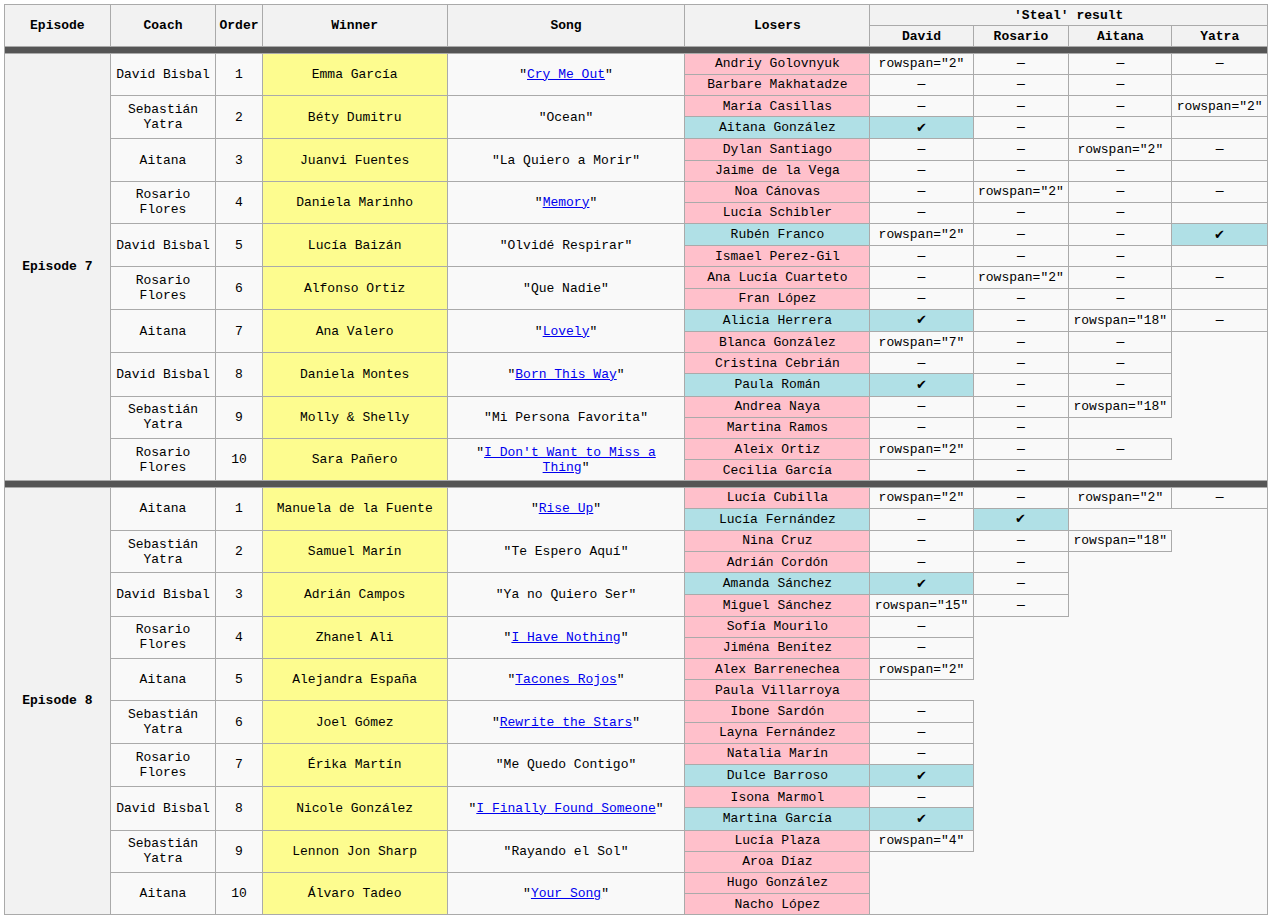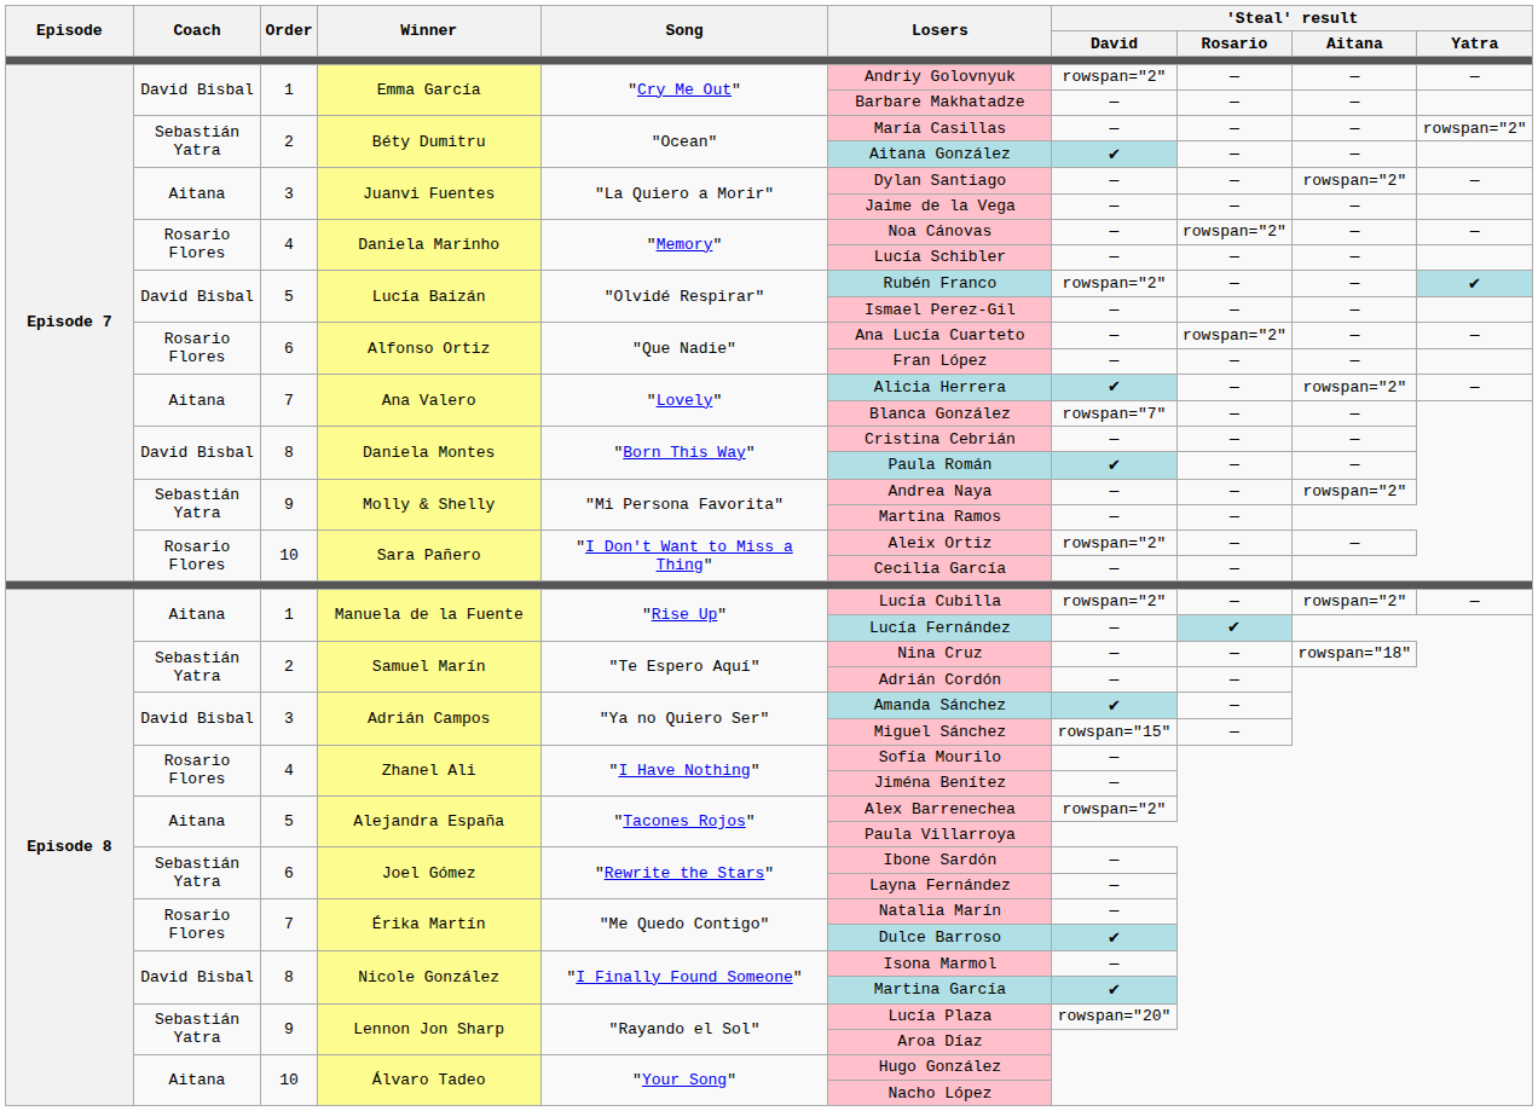 <table class="wikitable" style="text-align: center; width:100%">
 <tr>
 <th rowspan="2" style="width:08%">Episode</th>
 <th rowspan="2" style="width:08%">Coach</th>
 <th rowspan="2" style="width:02%">Order</th>
 <th rowspan="2" style="width:14%">Winner</th>
 <th rowspan="2" style="width:18%">Song</th>
 <th rowspan="2" style="width:14%">Losers</th>
 <th colspan="4" style="width:24%">'Steal' result</th>
 </tr>
 <tr>
 <th style="width:06%">David</th>
 <th style="width:06%">Rosario</th>
 <th style="width:06%">Aitana</th>
 <th style="width:06%">Yatra</th>
 </tr>
 <tr>
 <td colspan="10" style="background:#555"></td>
 </tr>
 <tr>
 <th rowspan="20">Episode 7<br></th>
 <td rowspan="2">David Bisbal</td>
 <td rowspan="2">1</td>
 <td rowspan="2" style="background:#fdfc8f">Emma García</td>
 <td rowspan="2">"<a href='#'>Cry Me Out</a>"</td>
 <td style="background:pink">Andriy Golovnyuk</td>
 <td>rowspan="2" </td>
 <td>—</td>
 <td>—</td>
 <td>—</td>
 </tr>
 <tr>
 <td style="background:pink">Barbare Makhatadze</td>
 <td>—</td>
 <td>—</td>
 <td>—</td>
 </tr>
 <tr>
 <td rowspan="2">Sebastián Yatra</td>
 <td rowspan="2">2</td>
 <td rowspan="2" style="background:#fdfc8f">Béty Dumitru</td>
 <td rowspan="2">"Ocean"</td>
 <td style="background:pink">María Casillas</td>
 <td>—</td>
 <td>—</td>
 <td>—</td>
 <td>rowspan="2" </td>
 </tr>
 <tr>
 <td style="background:#b0e0e6">Aitana González</td>
 <td style="background:#b0e0e6">✔</td>
 <td>—</td>
 <td>—</td>
 </tr>
 <tr>
 <td rowspan="2">Aitana</td>
 <td rowspan="2">3</td>
 <td rowspan="2" style="background:#fdfc8f">Juanvi Fuentes</td>
 <td rowspan="2">"La Quiero a Morir"</td>
 <td style="background:pink">Dylan Santiago</td>
 <td>—</td>
 <td>—</td>
 <td>rowspan="2" </td>
 <td>—</td>
 </tr>
 <tr>
 <td style="background:pink">Jaime de la Vega</td>
 <td>—</td>
 <td>—</td>
 <td>—</td>
 </tr>
 <tr>
 <td rowspan="2">Rosario Flores</td>
 <td rowspan="2">4</td>
 <td rowspan="2" style="background:#fdfc8f">Daniela Marinho</td>
 <td rowspan="2">"<a href='#'>Memory</a>"</td>
 <td style="background:pink">Noa Cánovas</td>
 <td>—</td>
 <td>rowspan="2" </td>
 <td>—</td>
 <td>—</td>
 </tr>
 <tr>
 <td style="background:pink">Lucía Schibler</td>
 <td>—</td>
 <td>—</td>
 <td>—</td>
 </tr>
 <tr>
 <td rowspan="2">David Bisbal</td>
 <td rowspan="2">5</td>
 <td rowspan="2" style="background:#fdfc8f">Lucía Baizán</td>
 <td rowspan="2">"Olvidé Respirar"</td>
 <td style="background:#b0e0e6">Rubén Franco</td>
 <td>rowspan="2" </td>
 <td>—</td>
 <td>—</td>
 <td style="background:#b0e0e6">✔</td>
 </tr>
 <tr>
 <td style="background:pink">Ismael Perez-Gil</td>
 <td>—</td>
 <td>—</td>
 <td>—</td>
 </tr>
 <tr>
 <td rowspan="2">Rosario Flores</td>
 <td rowspan="2">6</td>
 <td rowspan="2" style="background:#fdfc8f">Alfonso Ortiz</td>
 <td rowspan="2">"Que Nadie"</td>
 <td style="background:pink">Ana Lucía Cuarteto</td>
 <td>—</td>
 <td>rowspan="2" </td>
 <td>—</td>
 <td>—</td>
 </tr>
 <tr>
 <td style="background:pink">Fran López</td>
 <td>—</td>
 <td>—</td>
 <td>—</td>
 </tr>
 <tr>
 <td rowspan="2">Aitana</td>
 <td rowspan="2">7</td>
 <td rowspan="2" style="background:#fdfc8f">Ana Valero</td>
 <td rowspan="2">"<a href='#'>Lovely</a>"</td>
 <td style="background:#b0e0e6">Alicia Herrera</td>
 <td style="background:#b0e0e6">✔</td>
 <td>—</td>
-<td>rowspan="18" </td>
+<td>rowspan="2" </td>
 <td>—</td>
 </tr>
 <tr>
 <td style="background:pink">Blanca González</td>
 <td>rowspan="7" </td>
 <td>—</td>
 <td>—</td>
 </tr>
 <tr>
 <td rowspan="2">David Bisbal</td>
 <td rowspan="2">8</td>
 <td rowspan="2" style="background:#fdfc8f">Daniela Montes</td>
 <td rowspan="2">"<a href='#'>Born This Way</a>"</td>
 <td style="background:pink">Cristina Cebrián</td>
 <td>—</td>
 <td>—</td>
 <td>—</td>
 </tr>
 <tr>
 <td style="background:#b0e0e6">Paula Román</td>
 <td style="background:#b0e0e6">✔</td>
 <td>—</td>
 <td>—</td>
 </tr>
 <tr>
 <td rowspan="2">Sebastián Yatra</td>
 <td rowspan="2">9</td>
 <td rowspan="2" style="background:#fdfc8f">Molly & Shelly</td>
 <td rowspan="2">"Mi Persona Favorita"</td>
 <td style="background:pink">Andrea Naya</td>
 <td>—</td>
 <td>—</td>
-<td>rowspan="18" </td>
+<td>rowspan="2" </td>
 </tr>
 <tr>
 <td style="background:pink">Martina Ramos</td>
 <td>—</td>
 <td>—</td>
 </tr>
 <tr>
 <td rowspan="2">Rosario Flores</td>
 <td rowspan="2">10</td>
 <td rowspan="2" style="background:#fdfc8f">Sara Pañero</td>
 <td rowspan="2">"<a href='#'>I Don't Want to Miss a Thing</a>"</td>
 <td style="background:pink">Aleix Ortiz</td>
 <td>rowspan="2" </td>
 <td>—</td>
 <td>—</td>
 </tr>
 <tr>
 <td style="background:pink">Cecilia García</td>
 <td>—</td>
 <td>—</td>
 </tr>
 <tr>
 <td colspan="10" style="background:#555"></td>
 </tr>
 <tr>
 <th rowspan="20">Episode 8<br></th>
 <td rowspan="2">Aitana</td>
 <td rowspan="2">1</td>
 <td rowspan="2" style="background:#fdfc8f">Manuela de la Fuente</td>
 <td rowspan="2">"<a href='#'>Rise Up</a>"</td>
 <td style="background:pink">Lucía Cubilla</td>
 <td>rowspan="2" </td>
 <td>—</td>
 <td>rowspan="2" </td>
 <td>—</td>
 </tr>
 <tr>
 <td style="background:#b0e0e6">Lucía Fernández</td>
 <td>—</td>
 <td style="background:#b0e0e6">✔</td>
 </tr>
 <tr>
 <td rowspan="2">Sebastián Yatra</td>
 <td rowspan="2">2</td>
 <td rowspan="2" style="background:#fdfc8f">Samuel Marín</td>
 <td rowspan="2">"Te Espero Aquí"</td>
 <td style="background:pink">Nina Cruz</td>
 <td>—</td>
 <td>—</td>
 <td>rowspan="18" </td>
 </tr>
 <tr>
 <td style="background:pink">Adrián Cordón</td>
 <td>—</td>
 <td>—</td>
 </tr>
 <tr>
 <td rowspan="2">David Bisbal</td>
 <td rowspan="2">3</td>
 <td rowspan="2" style="background:#fdfc8f">Adrián Campos</td>
 <td rowspan="2">"Ya no Quiero Ser"</td>
 <td style="background:#b0e0e6">Amanda Sánchez</td>
 <td style="background:#b0e0e6">✔</td>
 <td>—</td>
 </tr>
 <tr>
 <td style="background:pink">Miguel Sánchez</td>
 <td>rowspan="15" </td>
 <td>—</td>
 </tr>
 <tr>
 <td rowspan="2">Rosario Flores</td>
 <td rowspan="2">4</td>
 <td rowspan="2" style="background:#fdfc8f">Zhanel Ali</td>
 <td rowspan="2">"<a href='#'>I Have Nothing</a>"</td>
 <td style="background:pink">Sofía Mourilo</td>
 <td>—</td>
 </tr>
 <tr>
 <td style="background:pink">Jiména Benítez</td>
 <td>—</td>
 </tr>
 <tr>
 <td rowspan="2">Aitana</td>
 <td rowspan="2">5</td>
 <td rowspan="2" style="background:#fdfc8f">Alejandra España</td>
 <td rowspan="2">"<a href='#'>Tacones Rojos</a>"</td>
 <td style="background:pink">Alex Barrenechea</td>
 <td>rowspan="2" </td>
 </tr>
 <tr>
 <td style="background:pink">Paula Villarroya</td>
 </tr>
 <tr>
 <td rowspan="2">Sebastián Yatra</td>
 <td rowspan="2">6</td>
 <td rowspan="2" style="background:#fdfc8f">Joel Gómez</td>
 <td rowspan="2">"<a href='#'>Rewrite the Stars</a>"</td>
 <td style="background:pink">Ibone Sardón</td>
 <td>—</td>
 </tr>
 <tr>
 <td style="background:pink">Layna Fernández</td>
 <td>—</td>
 </tr>
 <tr>
 <td rowspan="2">Rosario Flores</td>
 <td rowspan="2">7</td>
 <td rowspan="2" style="background:#fdfc8f">Érika Martín</td>
 <td rowspan="2">"Me Quedo Contigo"</td>
 <td style="background:pink">Natalia Marín</td>
 <td>—</td>
 </tr>
 <tr>
 <td style="background:#b0e0e6">Dulce Barroso</td>
 <td style="background:#b0e0e6">✔</td>
 </tr>
 <tr>
 <td rowspan="2">David Bisbal</td>
 <td rowspan="2">8</td>
 <td rowspan="2" style="background:#fdfc8f">Nicole González</td>
 <td rowspan="2">"<a href='#'>I Finally Found Someone</a>"</td>
 <td style="background:pink">Isona Marmol</td>
 <td>—</td>
 </tr>
 <tr>
 <td style="background:#b0e0e6">Martina García</td>
 <td style="background:#b0e0e6">✔</td>
 </tr>
 <tr>
 <td rowspan="2">Sebastián Yatra</td>
 <td rowspan="2">9</td>
 <td rowspan="2" style="background:#fdfc8f">Lennon Jon Sharp</td>
 <td rowspan="2">"Rayando el Sol"</td>
 <td style="background:pink">Lucía Plaza</td>
-<td>rowspan="4" </td>
+<td>rowspan="20" </td>
 </tr>
 <tr>
 <td style="background:pink">Aroa Díaz</td>
 </tr>
 <tr>
 <td rowspan="2">Aitana</td>
 <td rowspan="2">10</td>
 <td rowspan="2" style="background:#fdfc8f">Álvaro Tadeo</td>
 <td rowspan="2">"<a href='#'>Your Song</a>"</td>
 <td style="background:pink">Hugo González</td>
 </tr>
 <tr>
 <td style="background:pink">Nacho López</td>
 </tr>
 </table>
